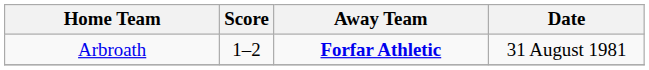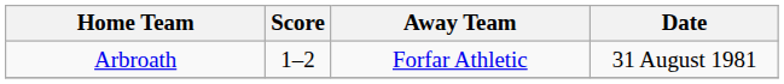 <table class="wikitable" style="text-align:center;">
 <tr>
 <th width=175>Home Team</th>
 <th width=20>Score</th>
 <th width=175>Away Team</th>
 <th width= 125>Date</th>
 </tr>
 <tr>
 <td><a href='#'>Arbroath</a></td>
 <td>1–2</td>
-<td><strong><a href='#'>Forfar Athletic</a></strong></td>
+<td><a href='#'>Forfar Athletic</a></td>
 <td>31 August 1981</td>
 </tr>
 <tr>
 </tr>
 </table>
